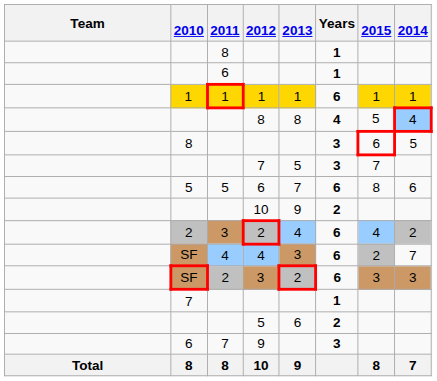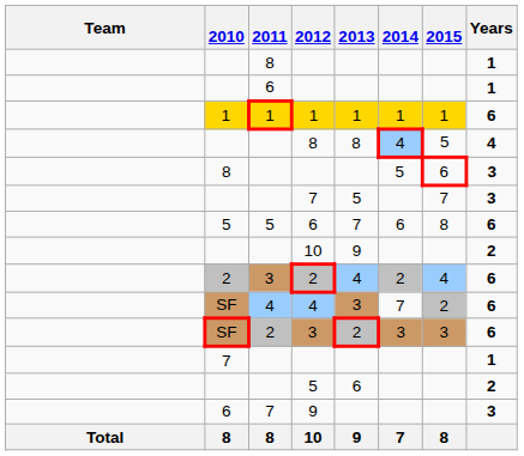 <table class="wikitable" style="text-align:center; font-size:90%">
 <tr>
 <th width=170>Team</th>
 <th><br><a href='#'>2010</a></th>
 <th><br><a href='#'>2011</a></th>
 <th><br><a href='#'>2012</a></th>
 <th><br><a href='#'>2013</a></th>
+<th><br><a href='#'>2014</a></th>
+<th><br><a href='#'>2015</a></th>
 <th>Years</th>
-<th><br><a href='#'>2015</a></th>
-<th><br><a href='#'>2014</a></th>
 </tr>
 <tr>
 <td align=left></td>
 <td></td>
 <td>8</td>
 <td></td>
 <td></td>
-<td><strong>1</strong></td>
 <td></td>
 <td></td>
+<td><strong>1</strong></td>
 </tr>
 <tr>
 <td align=left></td>
 <td></td>
 <td>6</td>
 <td></td>
 <td></td>
-<td><strong>1</strong></td>
 <td></td>
 <td></td>
+<td><strong>1</strong></td>
 </tr>
 <tr>
 <td align=left></td>
 <td bgcolor=gold>1</td>
 <td bgcolor=gold style="border:3px solid red">1</td>
 <td bgcolor=gold>1</td>
 <td bgcolor=gold>1</td>
-<td><strong>6</strong></td>
 <td bgcolor=gold>1</td>
 <td bgcolor=gold>1</td>
+<td><strong>6</strong></td>
 </tr>
 <tr>
 <td align=left></td>
 <td></td>
 <td></td>
 <td>8</td>
 <td>8</td>
+<td bgcolor=#9acdff style="border:3px solid red">4</td>
+<td>5</td>
 <td><strong>4</strong></td>
-<td>5</td>
-<td bgcolor=#9acdff style="border:3px solid red">4</td>
 </tr>
 <tr>
 <td align=left></td>
 <td>8</td>
 <td></td>
 <td></td>
 <td></td>
+<td>5</td>
+<td style="border:3px solid red">6</td>
 <td><strong>3</strong></td>
-<td style="border:3px solid red">6</td>
-<td>5</td>
 </tr>
 <tr>
 <td align=left></td>
 <td></td>
 <td></td>
 <td>7</td>
 <td>5</td>
+<td></td>
+<td>7</td>
 <td><strong>3</strong></td>
-<td>7</td>
-<td></td>
 </tr>
 <tr>
 <td align=left></td>
 <td>5</td>
 <td>5</td>
 <td>6</td>
 <td>7</td>
+<td>6</td>
+<td>8</td>
 <td><strong>6</strong></td>
-<td>8</td>
-<td>6</td>
 </tr>
 <tr>
 <td align=left></td>
 <td></td>
 <td></td>
 <td>10</td>
 <td>9</td>
-<td><strong>2</strong></td>
 <td></td>
 <td></td>
+<td><strong>2</strong></td>
 </tr>
 <tr>
 <td align=left></td>
 <td bgcolor=silver>2</td>
 <td bgcolor=#cc9966>3</td>
 <td bgcolor=silver style="border:3px solid red">2</td>
 <td bgcolor=#9acdff>4</td>
+<td bgcolor=silver>2</td>
+<td bgcolor=#9acdff>4</td>
 <td><strong>6</strong></td>
-<td bgcolor=#9acdff>4</td>
-<td bgcolor=silver>2</td>
 </tr>
 <tr>
 <td align=left></td>
 <td bgcolor=#cc9966>SF</td>
 <td bgcolor=#9acdff>4</td>
 <td bgcolor=#9acdff>4</td>
 <td bgcolor=#cc9966>3</td>
+<td>7</td>
+<td bgcolor=silver>2</td>
 <td><strong>6</strong></td>
-<td bgcolor=silver>2</td>
-<td>7</td>
 </tr>
 <tr>
 <td align=left></td>
 <td bgcolor=#cc9966 style="border:3px solid red">SF</td>
 <td bgcolor=silver>2</td>
 <td bgcolor=#cc9966>3</td>
 <td bgcolor=silver style="border:3px solid red">2</td>
-<td><strong>6</strong></td>
 <td bgcolor=#cc9966>3</td>
 <td bgcolor=#cc9966>3</td>
+<td><strong>6</strong></td>
 </tr>
 <tr>
 <td align=left></td>
 <td>7</td>
 <td></td>
 <td></td>
 <td></td>
-<td><strong>1</strong></td>
 <td></td>
 <td></td>
+<td><strong>1</strong></td>
 </tr>
 <tr>
 <td align=left></td>
 <td></td>
 <td></td>
 <td>5</td>
 <td>6</td>
-<td><strong>2</strong></td>
 <td></td>
 <td></td>
+<td><strong>2</strong></td>
 </tr>
 <tr>
 <td align=left></td>
 <td>6</td>
 <td>7</td>
 <td>9</td>
 <td></td>
-<td><strong>3</strong></td>
 <td></td>
 <td></td>
+<td><strong>3</strong></td>
 </tr>
 <tr>
 <th>Total</th>
 <th>8</th>
 <th>8</th>
 <th>10</th>
 <th>9</th>
+<th>7</th>
+<th>8</th>
 <th></th>
-<th>8</th>
-<th>7</th>
 </tr>
 </table>
